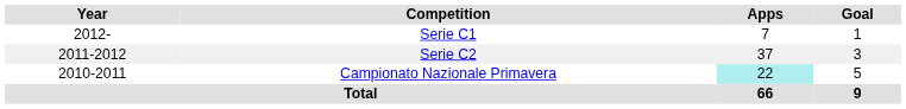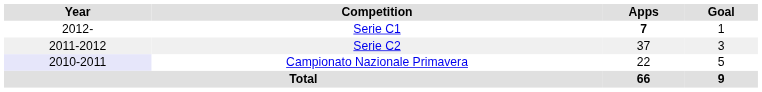 <table border="0" cellpadding="2" cellspacing="0" style="width:50%;">
 <tr style="text-align:center; background:#e0e0e0;">
 <th>Year</th>
 <th>Competition</th>
 <th>Apps</th>
 <th>Goal</th>
 </tr>
 <tr style="text-align:center;">
 <td>2012-</td>
 <td><a href='#'>Serie C1</a></td>
-<td>7</td>
+<td><strong>7</strong></td>
 <td>1</td>
 </tr>
 <tr style="text-align:center; background:#f0f0f0;">
 <td>2011-2012</td>
 <td><a href='#'>Serie C2</a></td>
 <td>37</td>
 <td>3</td>
 </tr>
 <tr style="text-align:center;">
-<td>2010-2011</td>
+<td style="background: lavender;">2010-2011</td>
 <td><a href='#'>Campionato Nazionale Primavera</a></td>
-<td style="background: paleturquoise;">22</td>
+<td>22</td>
 <td>5</td>
 </tr>
 <tr style="text-align:center; background:#e0e0e0;">
 <th colspan="2">Total</th>
 <th style="text-align:center;">66</th>
 <th style="text-align:center;">9</th>
 </tr>
 </table>
